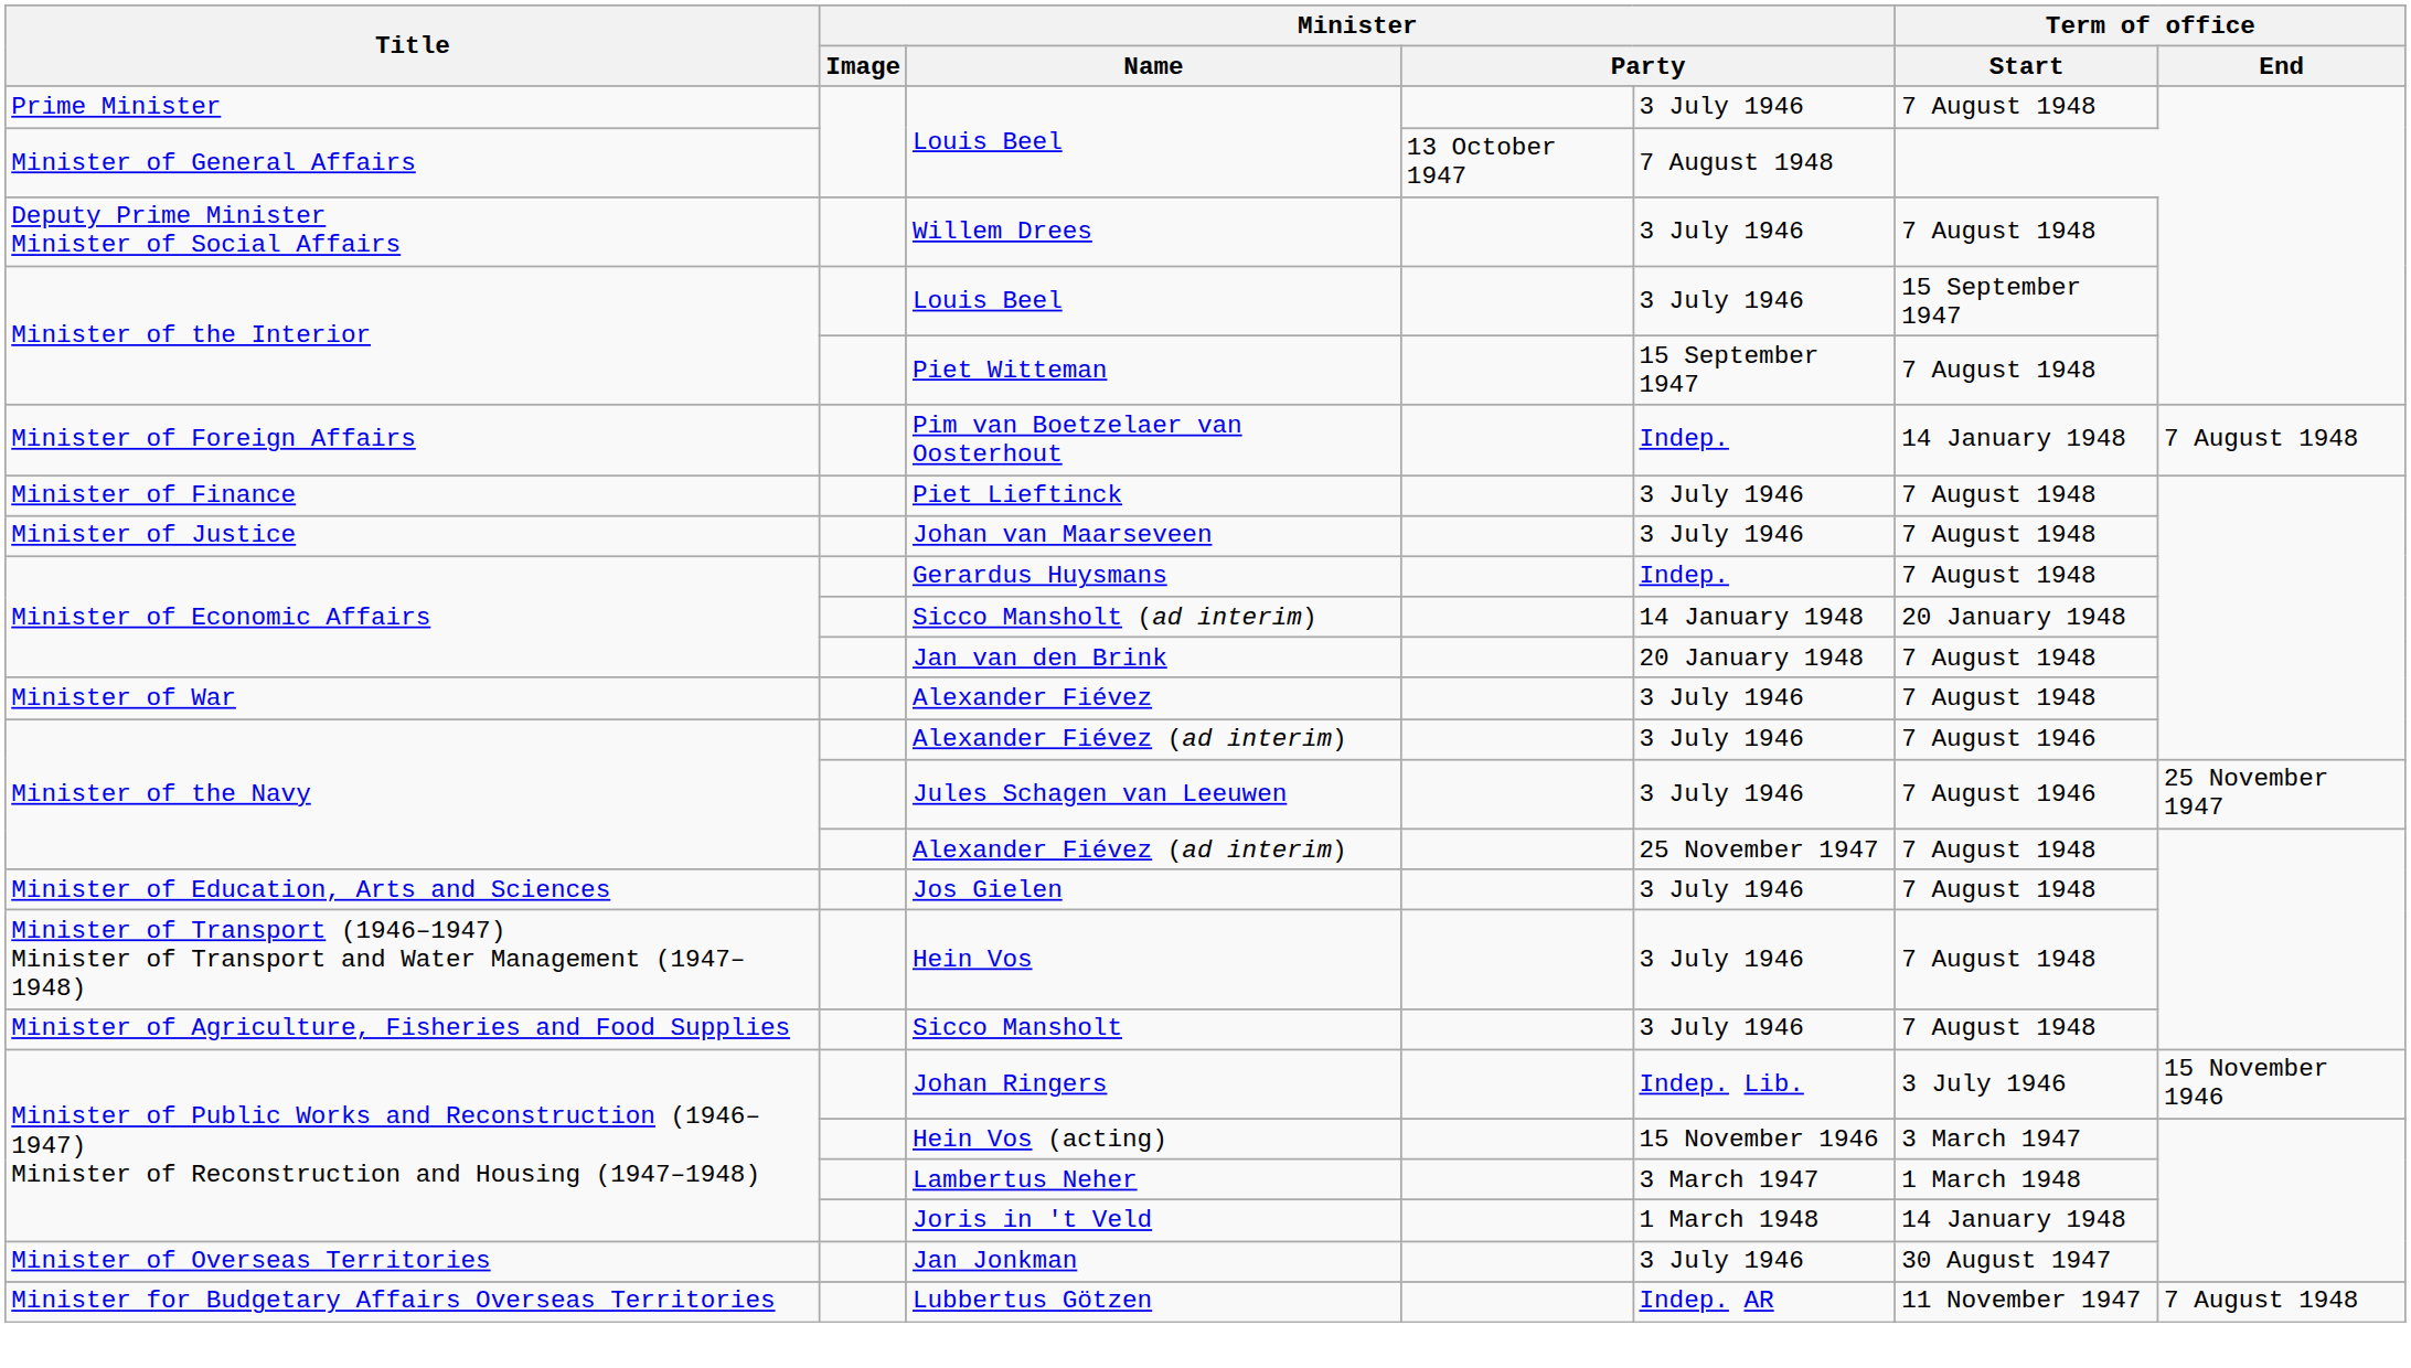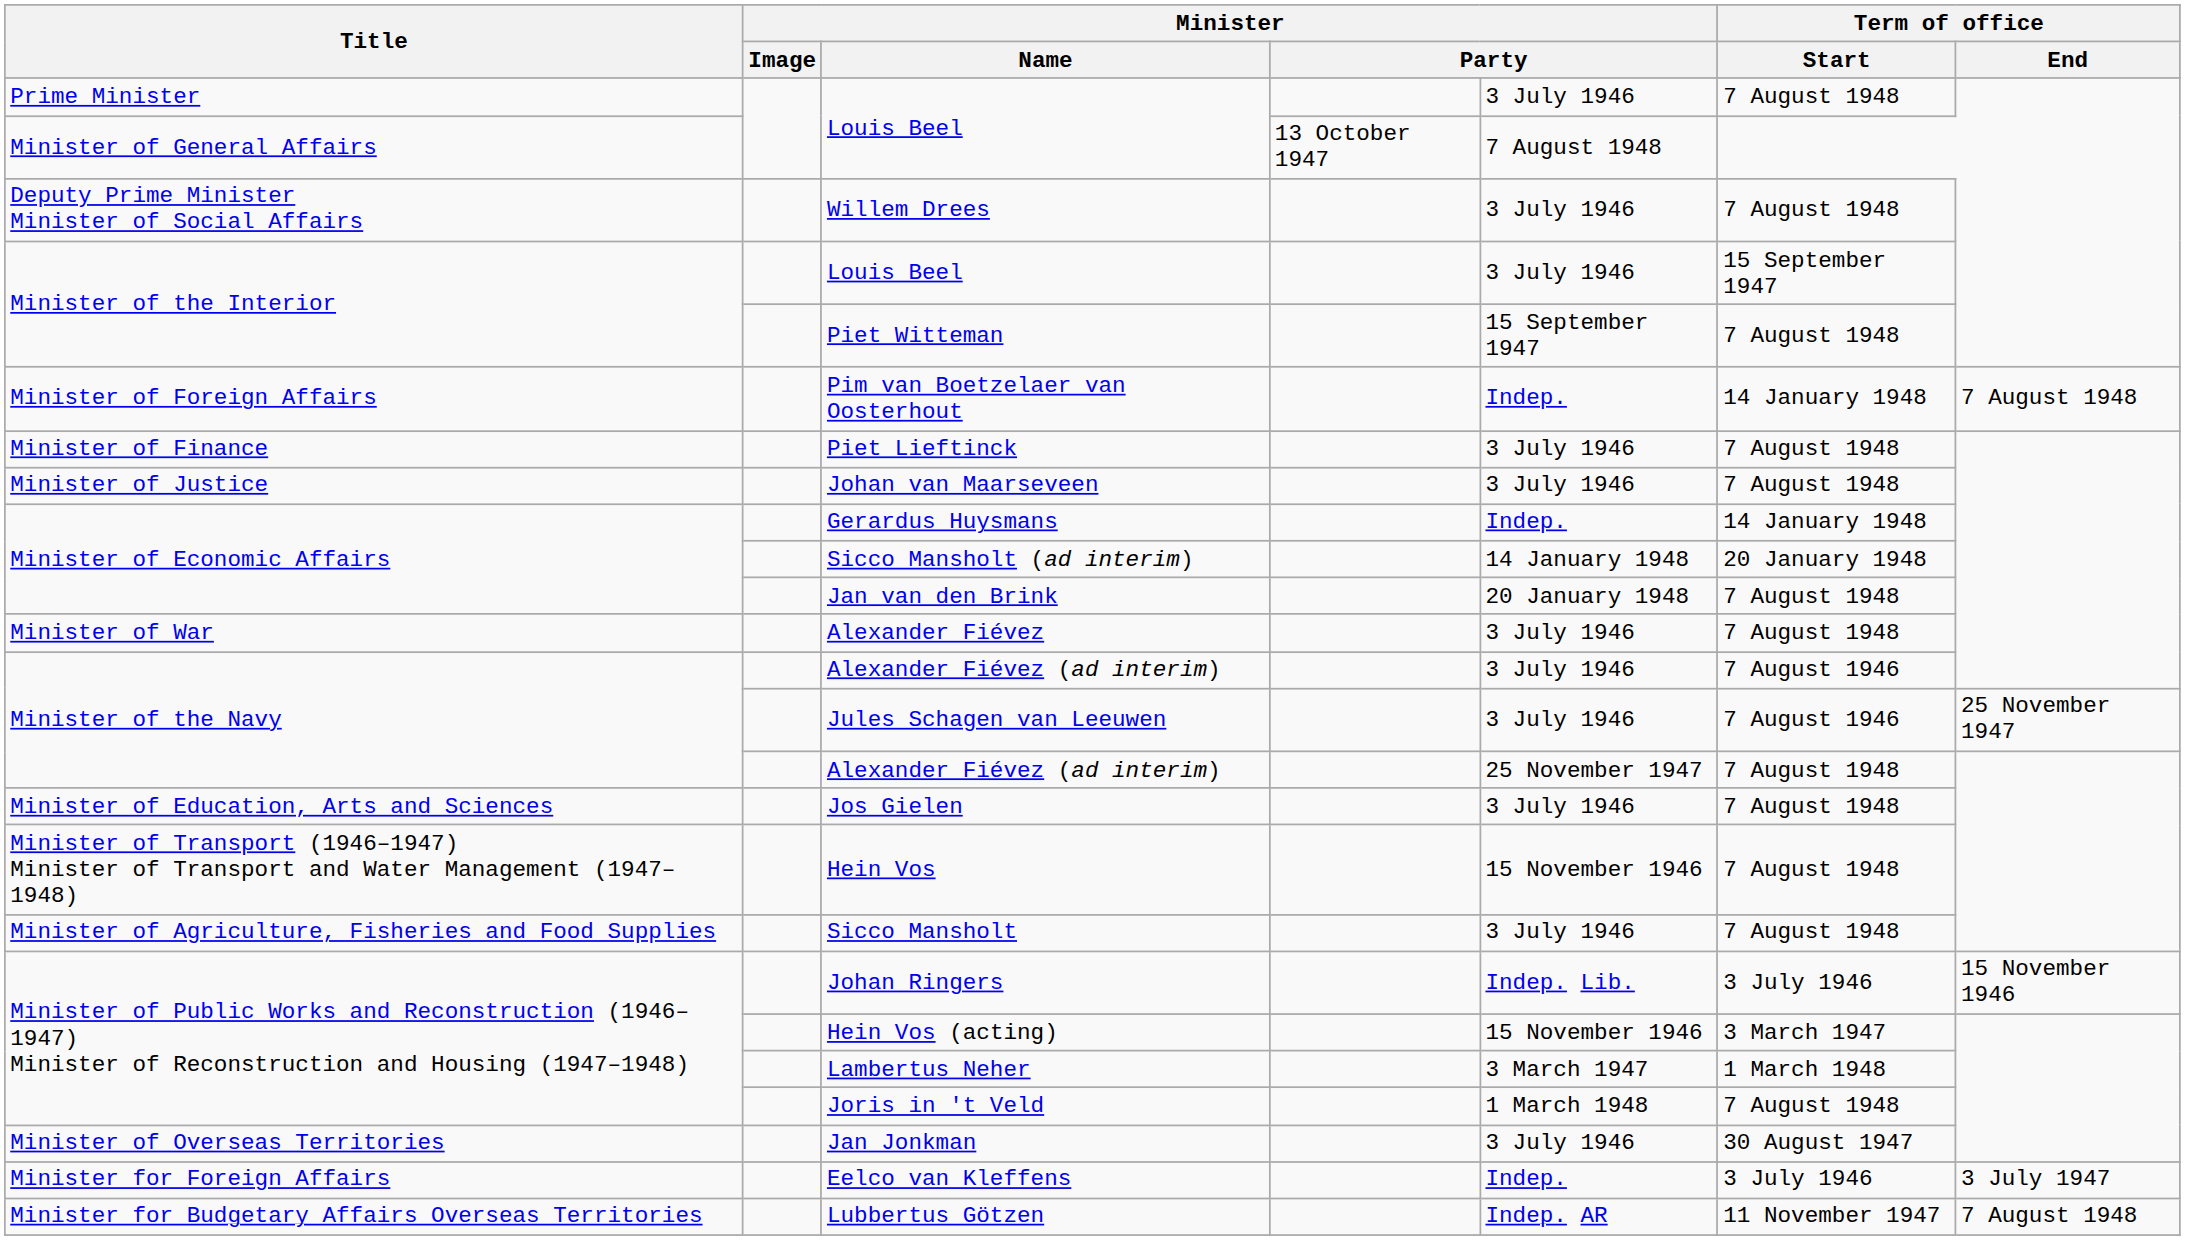 <table class="wikitable sortable" style="text-align:left">
 <tr>
 <th rowspan="2">Title</th>
 <th colspan="4">Minister</th>
 <th colspan="2">Term of office</th>
 </tr>
 <tr>
 <th class="unsortable">Image</th>
 <th>Name</th>
 <th colspan="2">Party</th>
 <th data-sort-type="date">Start</th>
 <th data-sort-type=date>End</th>
 </tr>
 <tr>
 <td><a href='#'>Prime Minister</a></td>
 <td rowspan=2></td>
 <td rowspan=2><a href='#'>Louis Beel</a></td>
 <td></td>
 <td>3 July 1946</td>
 <td>7 August 1948</td>
 </tr>
 <tr>
 <td><a href='#'>Minister of General Affairs</a></td>
 <td>13 October 1947</td>
 <td>7 August 1948</td>
 </tr>
 <tr>
 <td><a href='#'>Deputy Prime Minister</a> <br> <a href='#'>Minister of Social Affairs</a></td>
 <td></td>
 <td><a href='#'>Willem Drees</a></td>
 <td></td>
 <td>3 July 1946</td>
 <td>7 August 1948</td>
 </tr>
 <tr>
 <td rowspan=2><a href='#'>Minister of the Interior</a></td>
 <td></td>
 <td><a href='#'>Louis Beel</a></td>
 <td></td>
 <td>3 July 1946</td>
 <td>15 September 1947</td>
 </tr>
 <tr>
 <td></td>
 <td><a href='#'>Piet Witteman</a></td>
 <td></td>
 <td>15 September 1947</td>
 <td>7 August 1948</td>
 </tr>
 <tr>
 <td><a href='#'>Minister of Foreign Affairs</a></td>
 <td></td>
 <td><a href='#'>Pim van Boetzelaer van Oosterhout</a></td>
 <td style="background:"></td>
 <td><a href='#'>Indep.</a></td>
 <td>14 January 1948</td>
 <td>7 August 1948</td>
 </tr>
 <tr>
 <td><a href='#'>Minister of Finance</a></td>
 <td></td>
 <td><a href='#'>Piet Lieftinck</a></td>
 <td></td>
 <td>3 July 1946</td>
 <td>7 August 1948</td>
 </tr>
 <tr>
 <td><a href='#'>Minister of Justice</a></td>
 <td></td>
 <td><a href='#'>Johan van Maarseveen</a></td>
 <td></td>
 <td>3 July 1946</td>
 <td>7 August 1948</td>
 </tr>
 <tr>
 <td rowspan=3><a href='#'>Minister of Economic Affairs</a></td>
 <td></td>
 <td><a href='#'>Gerardus Huysmans</a></td>
 <td></td>
 <td><a href='#'>Indep.</a></td>
-<td>7 August 1948</td>
+<td>14 January 1948</td>
 </tr>
 <tr>
 <td></td>
 <td><a href='#'>Sicco Mansholt</a> (<em>ad interim</em>)</td>
 <td></td>
 <td>14 January 1948</td>
 <td>20 January 1948</td>
 </tr>
 <tr>
 <td></td>
 <td><a href='#'>Jan van den Brink</a></td>
 <td></td>
 <td>20 January 1948</td>
 <td>7 August 1948</td>
 </tr>
 <tr>
 <td><a href='#'>Minister of War</a></td>
 <td></td>
 <td><a href='#'>Alexander Fiévez</a></td>
 <td></td>
 <td>3 July 1946</td>
 <td>7 August 1948</td>
 </tr>
 <tr>
 <td rowspan=3><a href='#'>Minister of the Navy</a></td>
 <td></td>
 <td><a href='#'>Alexander Fiévez</a> (<em>ad interim</em>)</td>
 <td></td>
 <td>3 July 1946</td>
 <td>7 August 1946</td>
 </tr>
 <tr>
 <td></td>
 <td><a href='#'>Jules Schagen van Leeuwen</a></td>
 <td style="background:"></td>
 <td>3 July 1946</td>
 <td>7 August 1946</td>
 <td>25 November 1947</td>
 </tr>
 <tr>
 <td></td>
 <td><a href='#'>Alexander Fiévez</a> (<em>ad interim</em>)</td>
 <td></td>
 <td>25 November 1947</td>
 <td>7 August 1948</td>
 </tr>
 <tr>
 <td><a href='#'>Minister of Education, Arts and Sciences</a></td>
 <td></td>
 <td><a href='#'>Jos Gielen</a></td>
 <td></td>
 <td>3 July 1946</td>
 <td>7 August 1948</td>
 </tr>
 <tr>
 <td><a href='#'>Minister of Transport</a> (1946–1947) <br> Minister of Transport and Water Management (1947–1948)</td>
 <td></td>
 <td><a href='#'>Hein Vos</a></td>
 <td></td>
-<td>3 July 1946</td>
+<td>15 November 1946</td>
 <td>7 August 1948</td>
 </tr>
 <tr>
 <td><a href='#'>Minister of Agriculture, Fisheries and Food Supplies</a></td>
 <td></td>
 <td><a href='#'>Sicco Mansholt</a></td>
 <td></td>
 <td>3 July 1946</td>
 <td>7 August 1948</td>
 </tr>
 <tr>
 <td rowspan=4><a href='#'>Minister of Public Works and Reconstruction</a> (1946–1947) <br> Minister of Reconstruction and Housing (1947–1948)</td>
 <td></td>
 <td><a href='#'>Johan Ringers</a></td>
 <td style="background:"></td>
 <td><a href='#'>Indep.</a> <a href='#'>Lib.</a></td>
 <td>3 July 1946</td>
 <td>15 November 1946</td>
 </tr>
 <tr>
 <td></td>
 <td><a href='#'>Hein Vos</a> (acting)</td>
 <td></td>
 <td>15 November 1946</td>
 <td>3 March 1947</td>
 </tr>
 <tr>
 <td></td>
 <td><a href='#'>Lambertus Neher</a></td>
 <td></td>
 <td>3 March 1947</td>
 <td>1 March 1948</td>
 </tr>
 <tr>
 <td></td>
 <td><a href='#'>Joris in 't Veld</a></td>
 <td></td>
 <td>1 March 1948</td>
-<td>14 January 1948</td>
+<td>7 August 1948</td>
 </tr>
 <tr>
 <td><a href='#'>Minister of Overseas Territories</a></td>
 <td></td>
 <td><a href='#'>Jan Jonkman</a></td>
 <td></td>
 <td>3 July 1946</td>
 <td>30 August 1947</td>
+</tr>
+<tr>
+<td><a href='#'>Minister for Foreign Affairs</a></td>
+<td></td>
+<td><a href='#'>Eelco van Kleffens</a></td>
+<td style="background:"></td>
+<td><a href='#'>Indep.</a></td>
+<td>3 July 1946</td>
+<td>3 July 1947</td>
 </tr>
 <tr>
 <td><a href='#'>Minister for Budgetary Affairs Overseas Territories</a></td>
 <td></td>
 <td><a href='#'>Lubbertus Götzen</a></td>
 <td style="background:"></td>
 <td><a href='#'>Indep.</a> <a href='#'>AR</a></td>
 <td>11 November 1947</td>
 <td>7 August 1948</td>
 </tr>
 </table>
